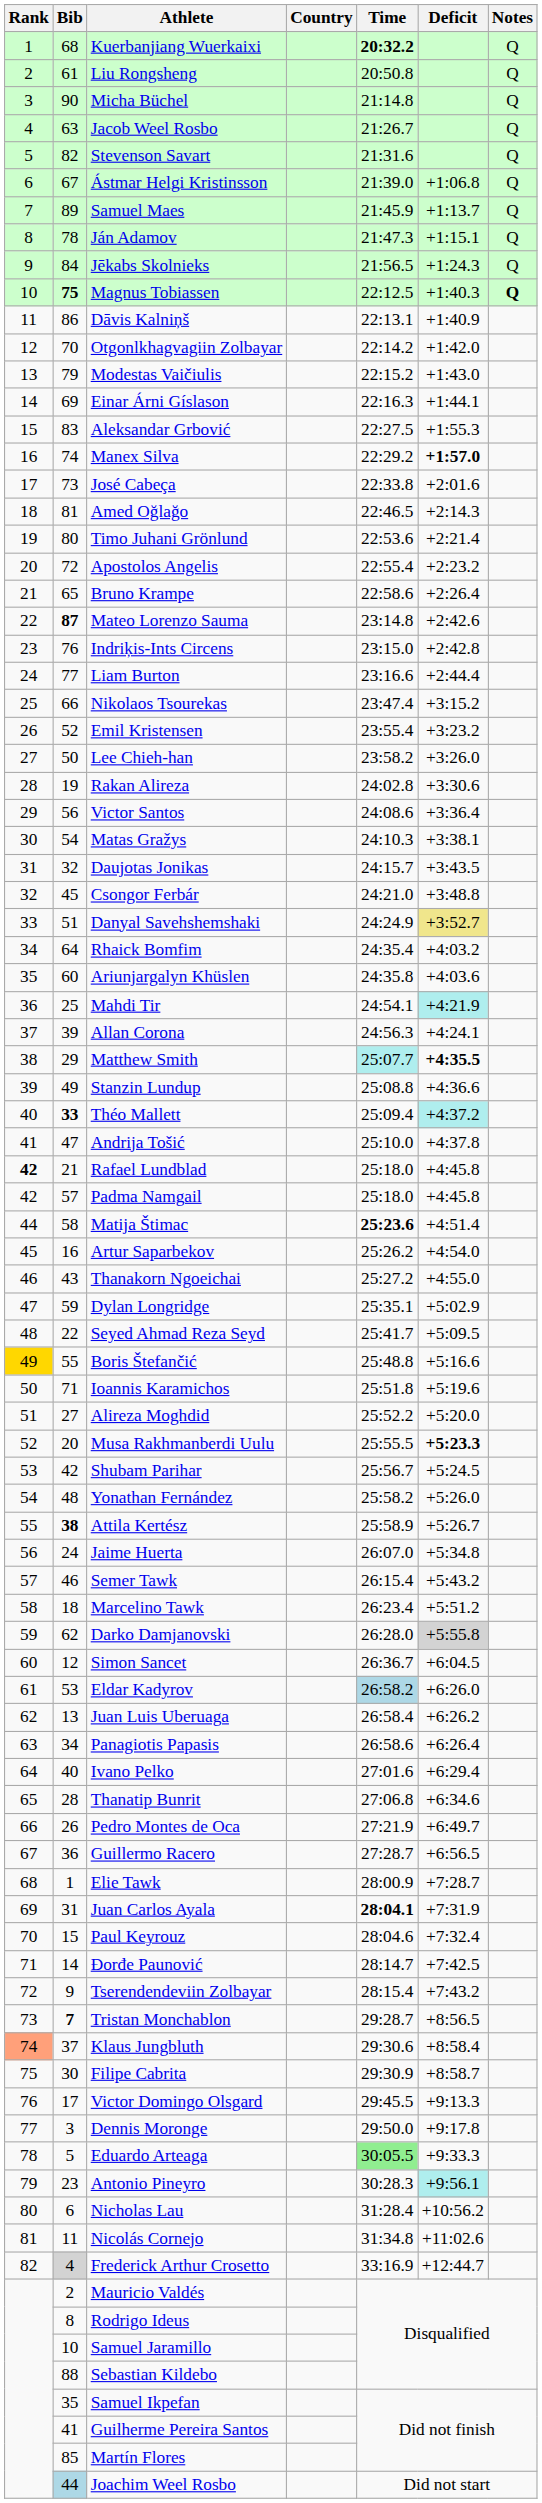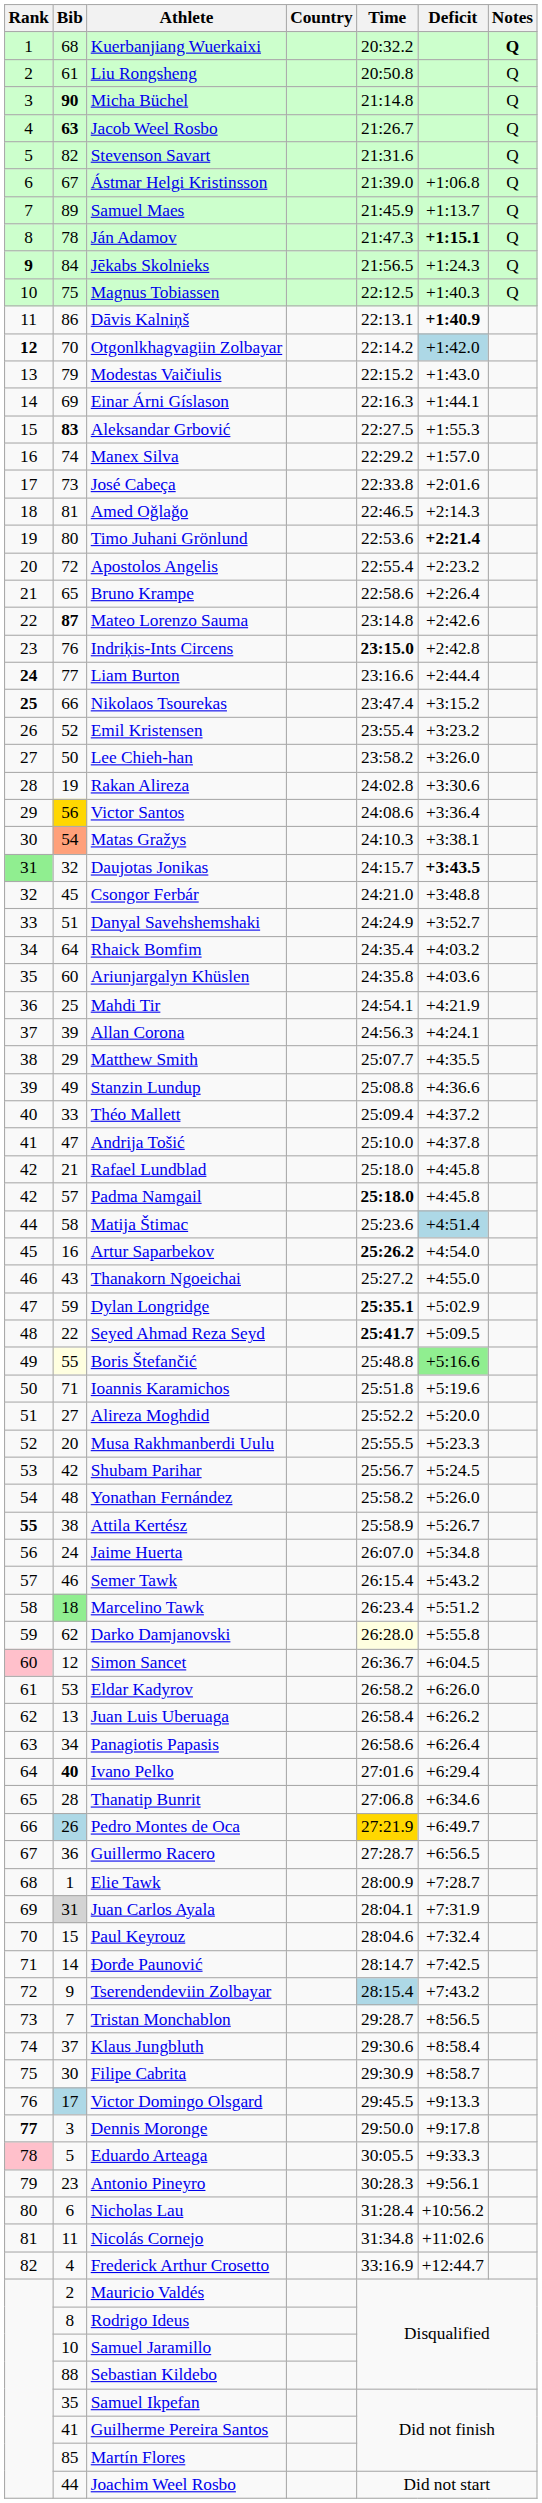 <table class="wikitable sortable" style="text-align:center">
 <tr>
 <th>Rank</th>
 <th>Bib</th>
 <th>Athlete</th>
 <th>Country</th>
 <th>Time</th>
 <th>Deficit</th>
 <th>Notes</th>
 </tr>
 <tr bgcolor=ccffcc>
 <td>1</td>
 <td>68</td>
 <td align=left><a href='#'>Kuerbanjiang Wuerkaixi</a></td>
 <td align=left></td>
-<td><strong>20:32.2</strong></td>
+<td>20:32.2</td>
 <td></td>
-<td>Q</td>
+<td><strong>Q</strong></td>
 </tr>
 <tr bgcolor=ccffcc>
 <td>2</td>
 <td>61</td>
 <td align=left><a href='#'>Liu Rongsheng</a></td>
 <td align=left></td>
 <td>20:50.8</td>
 <td></td>
 <td>Q</td>
 </tr>
 <tr bgcolor=ccffcc>
 <td>3</td>
-<td>90</td>
+<td><strong>90</strong></td>
 <td align=left><a href='#'>Micha Büchel</a></td>
 <td align=left></td>
 <td>21:14.8</td>
 <td></td>
 <td>Q</td>
 </tr>
 <tr bgcolor=ccffcc>
 <td>4</td>
-<td>63</td>
+<td><strong>63</strong></td>
 <td align=left><a href='#'>Jacob Weel Rosbo</a></td>
 <td align=left></td>
 <td>21:26.7</td>
 <td></td>
 <td>Q</td>
 </tr>
 <tr bgcolor=ccffcc>
 <td>5</td>
 <td>82</td>
 <td align=left><a href='#'>Stevenson Savart</a></td>
 <td align=left></td>
 <td>21:31.6</td>
 <td></td>
 <td>Q</td>
 </tr>
 <tr bgcolor=ccffcc>
 <td>6</td>
 <td>67</td>
 <td align=left><a href='#'>Ástmar Helgi Kristinsson</a></td>
 <td align=left></td>
 <td>21:39.0</td>
 <td>+1:06.8</td>
 <td>Q</td>
 </tr>
 <tr bgcolor=ccffcc>
 <td>7</td>
 <td>89</td>
 <td align=left><a href='#'>Samuel Maes</a></td>
 <td align=left></td>
 <td>21:45.9</td>
 <td>+1:13.7</td>
 <td>Q</td>
 </tr>
 <tr bgcolor=ccffcc>
 <td>8</td>
 <td>78</td>
 <td align=left><a href='#'>Ján Adamov</a></td>
 <td align=left></td>
 <td>21:47.3</td>
-<td>+1:15.1</td>
+<td><strong>+1:15.1</strong></td>
 <td>Q</td>
 </tr>
 <tr bgcolor=ccffcc>
-<td>9</td>
+<td><strong>9</strong></td>
 <td>84</td>
 <td align=left><a href='#'>Jēkabs Skolnieks</a></td>
 <td align=left></td>
 <td>21:56.5</td>
 <td>+1:24.3</td>
 <td>Q</td>
 </tr>
 <tr bgcolor=ccffcc>
 <td>10</td>
-<td><strong>75</strong></td>
+<td>75</td>
 <td align=left><a href='#'>Magnus Tobiassen</a></td>
 <td align=left></td>
 <td>22:12.5</td>
 <td>+1:40.3</td>
-<td><strong>Q</strong></td>
+<td>Q</td>
 </tr>
 <tr>
 <td>11</td>
 <td>86</td>
 <td align=left><a href='#'>Dāvis Kalniņš</a></td>
 <td align=left></td>
 <td>22:13.1</td>
-<td>+1:40.9</td>
+<td><strong>+1:40.9</strong></td>
 <td></td>
 </tr>
 <tr>
-<td>12</td>
+<td><strong>12</strong></td>
 <td>70</td>
 <td align=left><a href='#'>Otgonlkhagvagiin Zolbayar</a></td>
 <td align=left></td>
 <td>22:14.2</td>
-<td>+1:42.0</td>
+<td style="background: lightblue;">+1:42.0</td>
 <td></td>
 </tr>
 <tr>
 <td>13</td>
 <td>79</td>
 <td align=left><a href='#'>Modestas Vaičiulis</a></td>
 <td align=left></td>
 <td>22:15.2</td>
 <td>+1:43.0</td>
 <td></td>
 </tr>
 <tr>
 <td>14</td>
 <td>69</td>
 <td align=left><a href='#'>Einar Árni Gíslason</a></td>
 <td align=left></td>
 <td>22:16.3</td>
 <td>+1:44.1</td>
 <td></td>
 </tr>
 <tr>
 <td>15</td>
-<td>83</td>
+<td><strong>83</strong></td>
 <td align=left><a href='#'>Aleksandar Grbović</a></td>
 <td align=left></td>
 <td>22:27.5</td>
 <td>+1:55.3</td>
 <td></td>
 </tr>
 <tr>
 <td>16</td>
 <td>74</td>
 <td align=left><a href='#'>Manex Silva</a></td>
 <td align=left></td>
 <td>22:29.2</td>
-<td><strong>+1:57.0</strong></td>
+<td>+1:57.0</td>
 <td></td>
 </tr>
 <tr>
 <td>17</td>
 <td>73</td>
 <td align=left><a href='#'>José Cabeça</a></td>
 <td align=left></td>
 <td>22:33.8</td>
 <td>+2:01.6</td>
 <td></td>
 </tr>
 <tr>
 <td>18</td>
 <td>81</td>
 <td align=left><a href='#'>Amed Oğlağo</a></td>
 <td align=left></td>
 <td>22:46.5</td>
 <td>+2:14.3</td>
 <td></td>
 </tr>
 <tr>
 <td>19</td>
 <td>80</td>
 <td align=left><a href='#'>Timo Juhani Grönlund</a></td>
 <td align=left></td>
 <td>22:53.6</td>
-<td>+2:21.4</td>
+<td><strong>+2:21.4</strong></td>
 <td></td>
 </tr>
 <tr>
 <td>20</td>
 <td>72</td>
 <td align=left><a href='#'>Apostolos Angelis</a></td>
 <td align=left></td>
 <td>22:55.4</td>
 <td>+2:23.2</td>
 <td></td>
 </tr>
 <tr>
 <td>21</td>
 <td>65</td>
 <td align=left><a href='#'>Bruno Krampe</a></td>
 <td align=left></td>
 <td>22:58.6</td>
 <td>+2:26.4</td>
 <td></td>
 </tr>
 <tr>
 <td>22</td>
 <td><strong>87</strong></td>
 <td align=left><a href='#'>Mateo Lorenzo Sauma</a></td>
 <td align=left></td>
 <td>23:14.8</td>
 <td>+2:42.6</td>
 <td></td>
 </tr>
 <tr>
 <td>23</td>
 <td>76</td>
 <td align=left><a href='#'>Indriķis-Ints Circens</a></td>
 <td align=left></td>
-<td>23:15.0</td>
+<td><strong>23:15.0</strong></td>
 <td>+2:42.8</td>
 <td></td>
 </tr>
 <tr>
-<td>24</td>
+<td><strong>24</strong></td>
 <td>77</td>
 <td align=left><a href='#'>Liam Burton</a></td>
 <td align=left></td>
 <td>23:16.6</td>
 <td>+2:44.4</td>
 <td></td>
 </tr>
 <tr>
-<td>25</td>
+<td><strong>25</strong></td>
 <td>66</td>
 <td align=left><a href='#'>Nikolaos Tsourekas</a></td>
 <td align=left></td>
 <td>23:47.4</td>
 <td>+3:15.2</td>
 <td></td>
 </tr>
 <tr>
 <td>26</td>
 <td>52</td>
 <td align=left><a href='#'>Emil Kristensen</a></td>
 <td align=left></td>
 <td>23:55.4</td>
 <td>+3:23.2</td>
 <td></td>
 </tr>
 <tr>
 <td>27</td>
 <td>50</td>
 <td align=left><a href='#'>Lee Chieh-han</a></td>
 <td align=left></td>
 <td>23:58.2</td>
 <td>+3:26.0</td>
 <td></td>
 </tr>
 <tr>
 <td>28</td>
 <td>19</td>
 <td align=left><a href='#'>Rakan Alireza</a></td>
 <td align=left></td>
 <td>24:02.8</td>
 <td>+3:30.6</td>
 <td></td>
 </tr>
 <tr>
 <td>29</td>
-<td>56</td>
+<td style="background: gold;">56</td>
 <td align=left><a href='#'>Victor Santos</a></td>
 <td align=left></td>
 <td>24:08.6</td>
 <td>+3:36.4</td>
 <td></td>
 </tr>
 <tr>
 <td>30</td>
-<td>54</td>
+<td style="background: lightsalmon;">54</td>
 <td align=left><a href='#'>Matas Gražys</a></td>
 <td align=left></td>
 <td>24:10.3</td>
 <td>+3:38.1</td>
 <td></td>
 </tr>
 <tr>
-<td>31</td>
+<td style="background: lightgreen;">31</td>
 <td>32</td>
 <td align=left><a href='#'>Daujotas Jonikas</a></td>
 <td align=left></td>
 <td>24:15.7</td>
-<td>+3:43.5</td>
+<td><strong>+3:43.5</strong></td>
 <td></td>
 </tr>
 <tr>
 <td>32</td>
 <td>45</td>
 <td align=left><a href='#'>Csongor Ferbár</a></td>
 <td align=left></td>
 <td>24:21.0</td>
 <td>+3:48.8</td>
 <td></td>
 </tr>
 <tr>
 <td>33</td>
 <td>51</td>
 <td align=left><a href='#'>Danyal Savehshemshaki</a></td>
 <td align=left></td>
 <td>24:24.9</td>
-<td style="background: khaki;">+3:52.7</td>
+<td>+3:52.7</td>
 <td></td>
 </tr>
 <tr>
 <td>34</td>
 <td>64</td>
 <td align=left><a href='#'>Rhaick Bomfim</a></td>
 <td align=left></td>
 <td>24:35.4</td>
 <td>+4:03.2</td>
 <td></td>
 </tr>
 <tr>
 <td>35</td>
 <td>60</td>
 <td align=left><a href='#'>Ariunjargalyn Khüslen</a></td>
 <td align=left></td>
 <td>24:35.8</td>
 <td>+4:03.6</td>
 <td></td>
 </tr>
 <tr>
 <td>36</td>
 <td>25</td>
 <td align=left><a href='#'>Mahdi Tir</a></td>
 <td align=left></td>
 <td>24:54.1</td>
-<td style="background: paleturquoise;">+4:21.9</td>
+<td>+4:21.9</td>
 <td></td>
 </tr>
 <tr>
 <td>37</td>
 <td>39</td>
 <td align=left><a href='#'>Allan Corona</a></td>
 <td align=left></td>
 <td>24:56.3</td>
 <td>+4:24.1</td>
 <td></td>
 </tr>
 <tr>
 <td>38</td>
 <td>29</td>
 <td align=left><a href='#'>Matthew Smith</a></td>
 <td align=left></td>
-<td style="background: paleturquoise;">25:07.7</td>
-<td><strong>+4:35.5</strong></td>
+<td>25:07.7</td>
+<td>+4:35.5</td>
 <td></td>
 </tr>
 <tr>
 <td>39</td>
 <td>49</td>
 <td align=left><a href='#'>Stanzin Lundup</a></td>
 <td align=left></td>
 <td>25:08.8</td>
 <td>+4:36.6</td>
 <td></td>
 </tr>
 <tr>
 <td>40</td>
-<td><strong>33</strong></td>
+<td>33</td>
 <td align=left><a href='#'>Théo Mallett</a></td>
 <td align=left></td>
 <td>25:09.4</td>
-<td style="background: paleturquoise;">+4:37.2</td>
+<td>+4:37.2</td>
 <td></td>
 </tr>
 <tr>
 <td>41</td>
 <td>47</td>
 <td align=left><a href='#'>Andrija Tošić</a></td>
 <td align=left></td>
 <td>25:10.0</td>
 <td>+4:37.8</td>
 <td></td>
 </tr>
 <tr>
-<td><strong>42</strong></td>
+<td>42</td>
 <td>21</td>
 <td align=left><a href='#'>Rafael Lundblad</a></td>
 <td align=left></td>
 <td>25:18.0</td>
 <td>+4:45.8</td>
 <td></td>
 </tr>
 <tr>
 <td>42</td>
 <td>57</td>
 <td align=left><a href='#'>Padma Namgail</a></td>
 <td align=left></td>
-<td>25:18.0</td>
+<td><strong>25:18.0</strong></td>
 <td>+4:45.8</td>
 <td></td>
 </tr>
 <tr>
 <td>44</td>
 <td>58</td>
 <td align=left><a href='#'>Matija Štimac</a></td>
 <td align=left></td>
-<td><strong>25:23.6</strong></td>
-<td>+4:51.4</td>
+<td>25:23.6</td>
+<td style="background: lightblue;">+4:51.4</td>
 <td></td>
 </tr>
 <tr>
 <td>45</td>
 <td>16</td>
 <td align=left><a href='#'>Artur Saparbekov</a></td>
 <td align=left></td>
-<td>25:26.2</td>
+<td><strong>25:26.2</strong></td>
 <td>+4:54.0</td>
 <td></td>
 </tr>
 <tr>
 <td>46</td>
 <td>43</td>
 <td align=left><a href='#'>Thanakorn Ngoeichai</a></td>
 <td align=left></td>
 <td>25:27.2</td>
 <td>+4:55.0</td>
 <td></td>
 </tr>
 <tr>
 <td>47</td>
 <td>59</td>
 <td align=left><a href='#'>Dylan Longridge</a></td>
 <td align=left></td>
-<td>25:35.1</td>
+<td><strong>25:35.1</strong></td>
 <td>+5:02.9</td>
 <td></td>
 </tr>
 <tr>
 <td>48</td>
 <td>22</td>
 <td align=left><a href='#'>Seyed Ahmad Reza Seyd</a></td>
 <td align=left></td>
-<td>25:41.7</td>
+<td><strong>25:41.7</strong></td>
 <td>+5:09.5</td>
 <td></td>
 </tr>
 <tr>
-<td style="background: gold;">49</td>
-<td>55</td>
+<td>49</td>
+<td style="background: lightyellow;">55</td>
 <td align=left><a href='#'>Boris Štefančić</a></td>
 <td align=left></td>
 <td>25:48.8</td>
-<td>+5:16.6</td>
+<td style="background: lightgreen;">+5:16.6</td>
 <td></td>
 </tr>
 <tr>
 <td>50</td>
 <td>71</td>
 <td align=left><a href='#'>Ioannis Karamichos</a></td>
 <td align=left></td>
 <td>25:51.8</td>
 <td>+5:19.6</td>
 <td></td>
 </tr>
 <tr>
 <td>51</td>
 <td>27</td>
 <td align=left><a href='#'>Alireza Moghdid</a></td>
 <td align=left></td>
 <td>25:52.2</td>
 <td>+5:20.0</td>
 <td></td>
 </tr>
 <tr>
 <td>52</td>
 <td>20</td>
 <td align=left><a href='#'>Musa Rakhmanberdi Uulu</a></td>
 <td align=left></td>
 <td>25:55.5</td>
-<td><strong>+5:23.3</strong></td>
+<td>+5:23.3</td>
 <td></td>
 </tr>
 <tr>
 <td>53</td>
 <td>42</td>
 <td align=left><a href='#'>Shubam Parihar</a></td>
 <td align=left></td>
 <td>25:56.7</td>
 <td>+5:24.5</td>
 <td></td>
 </tr>
 <tr>
 <td>54</td>
 <td>48</td>
 <td align=left><a href='#'>Yonathan Fernández</a></td>
 <td align=left></td>
 <td>25:58.2</td>
 <td>+5:26.0</td>
 <td></td>
 </tr>
 <tr>
-<td>55</td>
-<td><strong>38</strong></td>
+<td><strong>55</strong></td>
+<td>38</td>
 <td align=left><a href='#'>Attila Kertész</a></td>
 <td align=left></td>
 <td>25:58.9</td>
 <td>+5:26.7</td>
 <td></td>
 </tr>
 <tr>
 <td>56</td>
 <td>24</td>
 <td align=left><a href='#'>Jaime Huerta</a></td>
 <td align=left></td>
 <td>26:07.0</td>
 <td>+5:34.8</td>
 <td></td>
 </tr>
 <tr>
 <td>57</td>
 <td>46</td>
 <td align=left><a href='#'>Semer Tawk</a></td>
 <td align=left></td>
 <td>26:15.4</td>
 <td>+5:43.2</td>
 <td></td>
 </tr>
 <tr>
 <td>58</td>
-<td>18</td>
+<td style="background: lightgreen;">18</td>
 <td align=left><a href='#'>Marcelino Tawk</a></td>
 <td align=left></td>
 <td>26:23.4</td>
 <td>+5:51.2</td>
 <td></td>
 </tr>
 <tr>
 <td>59</td>
 <td>62</td>
 <td align=left><a href='#'>Darko Damjanovski</a></td>
 <td align=left></td>
-<td>26:28.0</td>
-<td style="background: lightgrey;">+5:55.8</td>
+<td style="background: lightyellow;">26:28.0</td>
+<td>+5:55.8</td>
 <td></td>
 </tr>
 <tr>
-<td>60</td>
+<td style="background: pink;">60</td>
 <td>12</td>
 <td align=left><a href='#'>Simon Sancet</a></td>
 <td align=left></td>
 <td>26:36.7</td>
 <td>+6:04.5</td>
 <td></td>
 </tr>
 <tr>
 <td>61</td>
 <td>53</td>
 <td align=left><a href='#'>Eldar Kadyrov</a></td>
 <td align=left></td>
-<td style="background: lightblue;">26:58.2</td>
+<td>26:58.2</td>
 <td>+6:26.0</td>
 <td></td>
 </tr>
 <tr>
 <td>62</td>
 <td>13</td>
 <td align=left><a href='#'>Juan Luis Uberuaga</a></td>
 <td align=left></td>
 <td>26:58.4</td>
 <td>+6:26.2</td>
 <td></td>
 </tr>
 <tr>
 <td>63</td>
 <td>34</td>
 <td align=left><a href='#'>Panagiotis Papasis</a></td>
 <td align=left></td>
 <td>26:58.6</td>
 <td>+6:26.4</td>
 <td></td>
 </tr>
 <tr>
 <td>64</td>
-<td>40</td>
+<td><strong>40</strong></td>
 <td align=left><a href='#'>Ivano Pelko</a></td>
 <td align=left></td>
 <td>27:01.6</td>
 <td>+6:29.4</td>
 <td></td>
 </tr>
 <tr>
 <td>65</td>
 <td>28</td>
 <td align=left><a href='#'>Thanatip Bunrit</a></td>
 <td align=left></td>
 <td>27:06.8</td>
 <td>+6:34.6</td>
 <td></td>
 </tr>
 <tr>
 <td>66</td>
-<td>26</td>
+<td style="background: lightblue;">26</td>
 <td align=left><a href='#'>Pedro Montes de Oca</a></td>
 <td align=left></td>
-<td>27:21.9</td>
+<td style="background: gold;">27:21.9</td>
 <td>+6:49.7</td>
 <td></td>
 </tr>
 <tr>
 <td>67</td>
 <td>36</td>
 <td align=left><a href='#'>Guillermo Racero</a></td>
 <td align=left></td>
 <td>27:28.7</td>
 <td>+6:56.5</td>
 <td></td>
 </tr>
 <tr>
 <td>68</td>
 <td>1</td>
 <td align=left><a href='#'>Elie Tawk</a></td>
 <td align=left></td>
 <td>28:00.9</td>
 <td>+7:28.7</td>
 <td></td>
 </tr>
 <tr>
 <td>69</td>
-<td>31</td>
+<td style="background: lightgrey;">31</td>
 <td align=left><a href='#'>Juan Carlos Ayala</a></td>
 <td align=left></td>
-<td><strong>28:04.1</strong></td>
+<td>28:04.1</td>
 <td>+7:31.9</td>
 <td></td>
 </tr>
 <tr>
 <td>70</td>
 <td>15</td>
 <td align=left><a href='#'>Paul Keyrouz</a></td>
 <td align=left></td>
 <td>28:04.6</td>
 <td>+7:32.4</td>
 <td></td>
 </tr>
 <tr>
 <td>71</td>
 <td>14</td>
 <td align=left><a href='#'>Đorđe Paunović</a></td>
 <td align=left></td>
 <td>28:14.7</td>
 <td>+7:42.5</td>
 <td></td>
 </tr>
 <tr>
 <td>72</td>
 <td>9</td>
 <td align=left><a href='#'>Tserendendeviin Zolbayar</a></td>
 <td align=left></td>
-<td>28:15.4</td>
+<td style="background: lightblue;">28:15.4</td>
 <td>+7:43.2</td>
 <td></td>
 </tr>
 <tr>
 <td>73</td>
-<td><strong>7</strong></td>
+<td>7</td>
 <td align=left><a href='#'>Tristan Monchablon</a></td>
 <td align=left></td>
 <td>29:28.7</td>
 <td>+8:56.5</td>
 <td></td>
 </tr>
 <tr>
-<td style="background: lightsalmon;">74</td>
+<td>74</td>
 <td>37</td>
 <td align=left><a href='#'>Klaus Jungbluth</a></td>
 <td align=left></td>
 <td>29:30.6</td>
 <td>+8:58.4</td>
 <td></td>
 </tr>
 <tr>
 <td>75</td>
 <td>30</td>
 <td align=left><a href='#'>Filipe Cabrita</a></td>
 <td align=left></td>
 <td>29:30.9</td>
 <td>+8:58.7</td>
 <td></td>
 </tr>
 <tr>
 <td>76</td>
-<td>17</td>
+<td style="background: lightblue;">17</td>
 <td align=left><a href='#'>Victor Domingo Olsgard</a></td>
 <td align=left></td>
 <td>29:45.5</td>
 <td>+9:13.3</td>
 <td></td>
 </tr>
 <tr>
-<td>77</td>
+<td><strong>77</strong></td>
 <td>3</td>
 <td align=left><a href='#'>Dennis Moronge</a></td>
 <td align=left></td>
 <td>29:50.0</td>
 <td>+9:17.8</td>
 <td></td>
 </tr>
 <tr>
-<td>78</td>
+<td style="background: pink;">78</td>
 <td>5</td>
 <td align=left><a href='#'>Eduardo Arteaga</a></td>
 <td align=left></td>
-<td style="background: lightgreen;">30:05.5</td>
+<td>30:05.5</td>
 <td>+9:33.3</td>
 <td></td>
 </tr>
 <tr>
 <td>79</td>
 <td>23</td>
 <td align=left><a href='#'>Antonio Pineyro</a></td>
 <td align=left></td>
 <td>30:28.3</td>
-<td style="background: paleturquoise;">+9:56.1</td>
+<td>+9:56.1</td>
 <td></td>
 </tr>
 <tr>
 <td>80</td>
 <td>6</td>
 <td align=left><a href='#'>Nicholas Lau</a></td>
 <td align=left></td>
 <td>31:28.4</td>
 <td>+10:56.2</td>
 <td></td>
 </tr>
 <tr>
 <td>81</td>
 <td>11</td>
 <td align=left><a href='#'>Nicolás Cornejo</a></td>
 <td align=left></td>
 <td>31:34.8</td>
 <td>+11:02.6</td>
 <td></td>
 </tr>
 <tr>
 <td>82</td>
-<td style="background: lightgrey;">4</td>
+<td>4</td>
 <td align=left><a href='#'>Frederick Arthur Crosetto</a></td>
 <td align=left></td>
 <td>33:16.9</td>
 <td>+12:44.7</td>
 <td></td>
 </tr>
 <tr>
 <td rowspan=8></td>
 <td>2</td>
 <td align=left><a href='#'>Mauricio Valdés</a></td>
 <td align=left></td>
 <td colspan=3 rowspan=4>Disqualified</td>
 </tr>
 <tr>
 <td>8</td>
 <td align=left><a href='#'>Rodrigo Ideus</a></td>
 <td align=left></td>
 </tr>
 <tr>
 <td>10</td>
 <td align=left><a href='#'>Samuel Jaramillo</a></td>
 <td align=left></td>
 </tr>
 <tr>
 <td>88</td>
 <td align=left><a href='#'>Sebastian Kildebo</a></td>
 <td align=left></td>
 </tr>
 <tr>
 <td>35</td>
 <td align=left><a href='#'>Samuel Ikpefan</a></td>
 <td align=left></td>
 <td rowspan=3 colspan=3>Did not finish</td>
 </tr>
 <tr>
 <td>41</td>
 <td align=left><a href='#'>Guilherme Pereira Santos</a></td>
 <td align=left></td>
 </tr>
 <tr>
 <td>85</td>
 <td align=left><a href='#'>Martín Flores</a></td>
 <td align=left></td>
 </tr>
 <tr>
-<td style="background: lightblue;">44</td>
+<td>44</td>
 <td align=left><a href='#'>Joachim Weel Rosbo</a></td>
 <td align=left></td>
 <td colspan=3>Did not start</td>
 </tr>
 </table>
